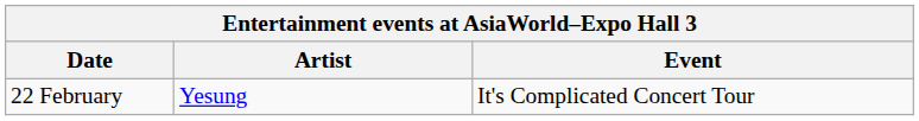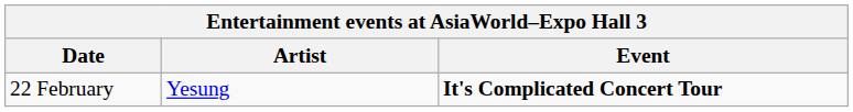 <table class="wikitable">
 <tr>
 <th colspan="3">Entertainment events at AsiaWorld–Expo Hall 3</th>
 </tr>
 <tr>
 <th width="110">Date</th>
 <th width="200">Artist</th>
 <th width="300">Event</th>
 </tr>
 <tr>
 <td>22 February</td>
 <td><a href='#'>Yesung</a></td>
-<td>It's Complicated Concert Tour</td>
+<td><strong>It's Complicated Concert Tour</strong></td>
 </tr>
 </table>
